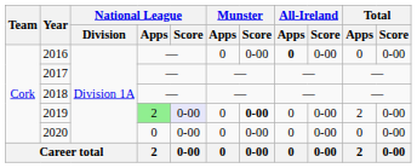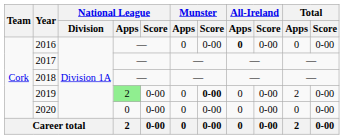 <table class="wikitable" style="text-align:center">
 <tr>
 <th rowspan="2">Team</th>
 <th rowspan="2">Year</th>
 <th colspan="3"><a href='#'>National League</a></th>
 <th colspan="2"><a href='#'>Munster</a></th>
 <th colspan="2"><a href='#'>All-Ireland</a></th>
 <th colspan="2">Total</th>
 </tr>
 <tr>
 <th>Division</th>
 <th>Apps</th>
 <th>Score</th>
 <th>Apps</th>
 <th>Score</th>
 <th>Apps</th>
 <th>Score</th>
 <th>Apps</th>
 <th>Score</th>
 </tr>
 <tr>
 <td rowspan="5"><a href='#'>Cork</a></td>
 <td>2016</td>
 <td rowspan="5"><a href='#'>Division 1A</a></td>
 <td colspan=2>—</td>
 <td>0</td>
 <td>0-00</td>
 <td><strong>0</strong></td>
 <td>0-00</td>
 <td>0</td>
 <td>0-00</td>
 </tr>
 <tr>
 <td>2017</td>
 <td colspan=2>—</td>
 <td colspan=2>—</td>
 <td colspan=2>—</td>
 <td colspan=2>—</td>
 </tr>
 <tr>
 <td>2018</td>
 <td colspan=2>—</td>
 <td colspan=2>—</td>
 <td colspan=2>—</td>
 <td colspan=2>—</td>
 </tr>
 <tr>
 <td>2019</td>
 <td style="background: lightgreen;">2</td>
-<td style="background: lavender;">0-00</td>
+<td>0-00</td>
 <td>0</td>
 <td><strong>0-00</strong></td>
 <td>0</td>
 <td>0-00</td>
 <td>2</td>
 <td>0-00</td>
 </tr>
 <tr>
 <td>2020</td>
 <td>0</td>
 <td>0-00</td>
 <td>0</td>
 <td>0-00</td>
 <td>0</td>
 <td>0-00</td>
 <td>0</td>
 <td>0-00</td>
 </tr>
 <tr>
 <th colspan="3">Career total</th>
 <th>2</th>
 <th>0-00</th>
 <th>0</th>
 <th>0-00</th>
 <th>0</th>
 <th>0-00</th>
 <th>2</th>
 <th>0-00</th>
 </tr>
 </table>
